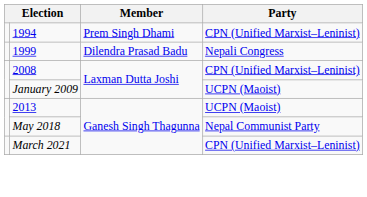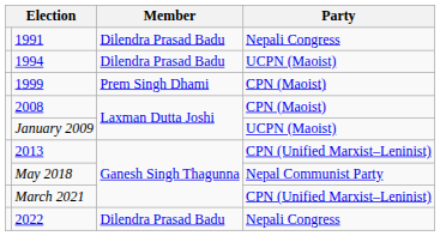 <table class="wikitable">
 <tr>
 <th colspan="2">Election</th>
 <th>Member</th>
 <th>Party</th>
 </tr>
 <tr>
 <td style="background-color:"></td>
+<td><a href='#'>1991</a></td>
+<td><a href='#'>Dilendra Prasad Badu</a></td>
+<td><a href='#'>Nepali Congress</a></td>
+</tr>
+<tr>
+<td style="background-color:"></td>
 <td><a href='#'>1994</a></td>
-<td><a href='#'>Prem Singh Dhami</a></td>
-<td><a href='#'>CPN (Unified Marxist–Leninist)</a></td>
+<td><a href='#'>Dilendra Prasad Badu</a></td>
+<td><a href='#'>UCPN (Maoist)</a></td>
 </tr>
 <tr>
 <td style="background-color:"></td>
 <td><a href='#'>1999</a></td>
-<td><a href='#'>Dilendra Prasad Badu</a></td>
-<td><a href='#'>Nepali Congress</a></td>
+<td><a href='#'>Prem Singh Dhami</a></td>
+<td><a href='#'>CPN (Maoist)</a></td>
 </tr>
 <tr>
 <td rowspan="2" style="background-color:"></td>
 <td><a href='#'>2008</a></td>
 <td rowspan="2"><a href='#'>Laxman Dutta Joshi</a></td>
-<td><a href='#'>CPN (Unified Marxist–Leninist)</a></td>
+<td><a href='#'>CPN (Maoist)</a></td>
 </tr>
 <tr>
 <td><em>January 2009</em></td>
 <td><a href='#'>UCPN (Maoist)</a></td>
 </tr>
 <tr>
 <td rowspan="2" style="background-color:"></td>
 <td><a href='#'>2013</a></td>
 <td rowspan="3"><a href='#'>Ganesh Singh Thagunna</a></td>
-<td><a href='#'>UCPN (Maoist)</a></td>
+<td><a href='#'>CPN (Unified Marxist–Leninist)</a></td>
 </tr>
 <tr>
 <td><em>May 2018</em></td>
 <td><a href='#'>Nepal Communist Party</a></td>
 </tr>
 <tr>
 <td></td>
 <td><em>March 2021</em></td>
 <td><a href='#'>CPN (Unified Marxist–Leninist)</a></td>
 </tr>
+<tr>
+<td style="background-color:"></td>
+<td><a href='#'>2022</a></td>
+<td><a href='#'>Dilendra Prasad Badu</a></td>
+<td><a href='#'>Nepali Congress</a></td>
+</tr>
 </table>
